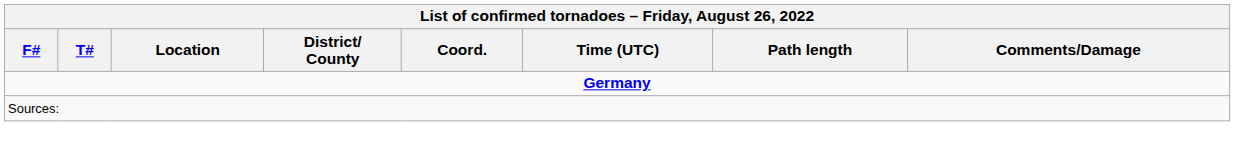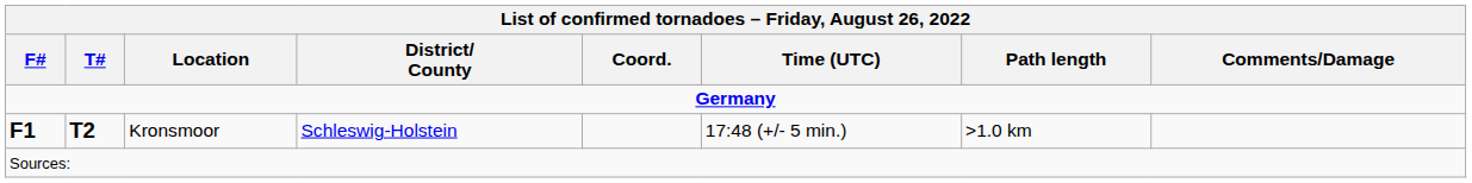 <table class="wikitable collapsible" width="100%">
 <tr>
 <th colspan="8">List of confirmed tornadoes – Friday, August 26, 2022</th>
 </tr>
 <tr>
 <th><a href='#'>F#</a></th>
 <th><a href='#'>T#</a></th>
 <th>Location</th>
 <th>District/<br>County</th>
 <th>Coord.</th>
 <th>Time (UTC)</th>
 <th>Path length</th>
 <th>Comments/Damage</th>
 </tr>
 <tr>
 <td colspan="8" align=center><strong><a href='#'>Germany</a></strong></td>
 </tr>
 <tr>
+<td><big><strong>F1</strong></big></td>
+<td><big><strong>T2</strong></big></td>
+<td>Kronsmoor</td>
+<td><a href='#'>Schleswig-Holstein</a></td>
+<td></td>
+<td>17:48 (+/- 5 min.)</td>
+<td>>1.0 km</td>
+<td></td>
+</tr>
+<tr>
 <td colspan="8"><small>Sources:  </small></td>
 </tr>
 </table>
